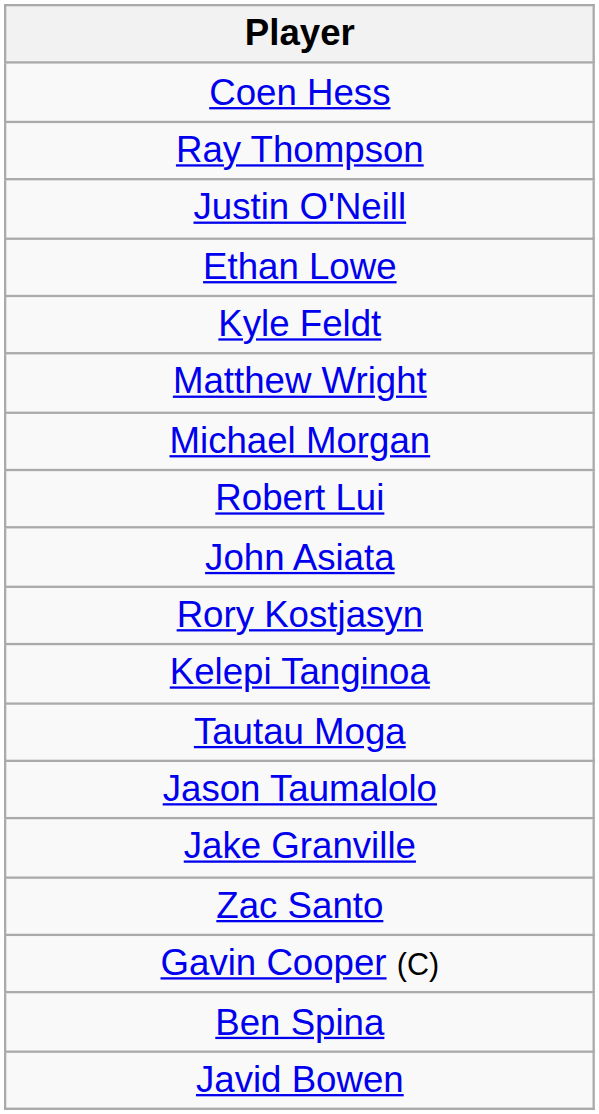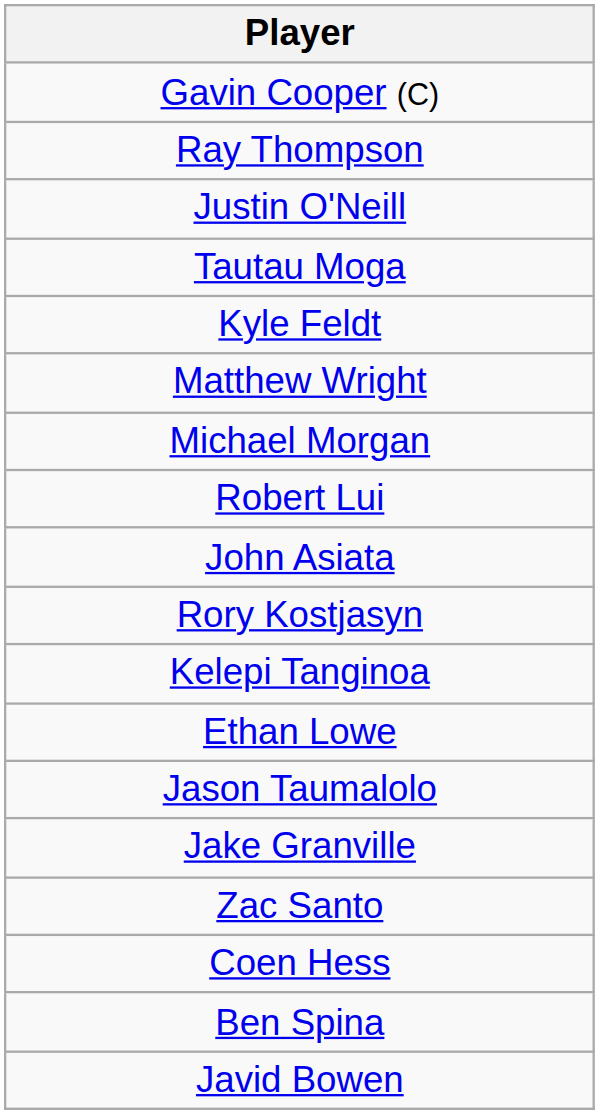 <table class="wikitable" style="text-align: center;">
 <tr>
 <th style="width:250px;">Player</th>
 </tr>
 <tr>
-<td><a href='#'>Coen Hess</a></td>
+<td><a href='#'>Gavin Cooper</a> <small>(C)</small></td>
 </tr>
 <tr>
 <td><a href='#'>Ray Thompson</a></td>
 </tr>
 <tr>
 <td><a href='#'>Justin O'Neill</a></td>
 </tr>
 <tr>
-<td><a href='#'>Ethan Lowe</a></td>
+<td><a href='#'>Tautau Moga</a></td>
 </tr>
 <tr>
 <td><a href='#'>Kyle Feldt</a></td>
 </tr>
 <tr>
 <td><a href='#'>Matthew Wright</a></td>
 </tr>
 <tr>
 <td><a href='#'>Michael Morgan</a></td>
 </tr>
 <tr>
 <td><a href='#'>Robert Lui</a></td>
 </tr>
 <tr>
 <td><a href='#'>John Asiata</a></td>
 </tr>
 <tr>
 <td><a href='#'>Rory Kostjasyn</a></td>
 </tr>
 <tr>
 <td><a href='#'>Kelepi Tanginoa</a></td>
 </tr>
 <tr>
-<td><a href='#'>Tautau Moga</a></td>
+<td><a href='#'>Ethan Lowe</a></td>
 </tr>
 <tr>
 <td><a href='#'>Jason Taumalolo</a></td>
 </tr>
 <tr>
 <td><a href='#'>Jake Granville</a></td>
 </tr>
 <tr>
 <td><a href='#'>Zac Santo</a></td>
 </tr>
 <tr>
-<td><a href='#'>Gavin Cooper</a> <small>(C)</small></td>
+<td><a href='#'>Coen Hess</a></td>
 </tr>
 <tr>
 <td><a href='#'>Ben Spina</a></td>
 </tr>
 <tr>
 <td><a href='#'>Javid Bowen</a></td>
 </tr>
 <tr>
 </tr>
 </table>
